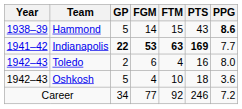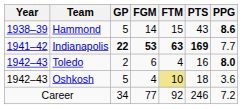 <table class="wikitable sortable" style="font-size:95%; text-align:right;">
 <tr>
 <th>Year</th>
 <th>Team</th>
 <th>GP</th>
 <th>FGM</th>
 <th>FTM</th>
 <th>PTS</th>
 <th>PPG</th>
 </tr>
 <tr>
 <td style="text-align:left;"><a href='#'>1938–39</a></td>
 <td style="text-align:left;"><a href='#'>Hammond</a></td>
 <td>5</td>
 <td>14</td>
 <td>15</td>
 <td>43</td>
 <td><strong>8.6</strong></td>
 </tr>
 <tr>
 <td style="text-align:left;"><a href='#'>1941–42</a></td>
 <td style="text-align:left;"><a href='#'>Indianapolis</a></td>
 <td><strong>22</strong></td>
 <td><strong>53</strong></td>
 <td><strong>63</strong></td>
 <td><strong>169</strong></td>
 <td>7.7</td>
 </tr>
 <tr>
 <td style="text-align:left;"><a href='#'>1942–43</a></td>
 <td style="text-align:left;"><a href='#'>Toledo</a></td>
 <td>2</td>
 <td>6</td>
 <td>4</td>
 <td>16</td>
-<td>8.0</td>
+<td><strong>8.0</strong></td>
 </tr>
 <tr>
 <td style="text-align:left;">1942–43</td>
 <td style="text-align:left;"><a href='#'>Oshkosh</a></td>
 <td>5</td>
 <td>4</td>
-<td>10</td>
+<td style="background: khaki;">10</td>
 <td>18</td>
 <td>3.6</td>
 </tr>
 <tr>
 <td style="text-align:center;" colspan="2">Career</td>
 <td>34</td>
 <td>77</td>
 <td>92</td>
 <td>246</td>
 <td>7.2</td>
 </tr>
 </table>
